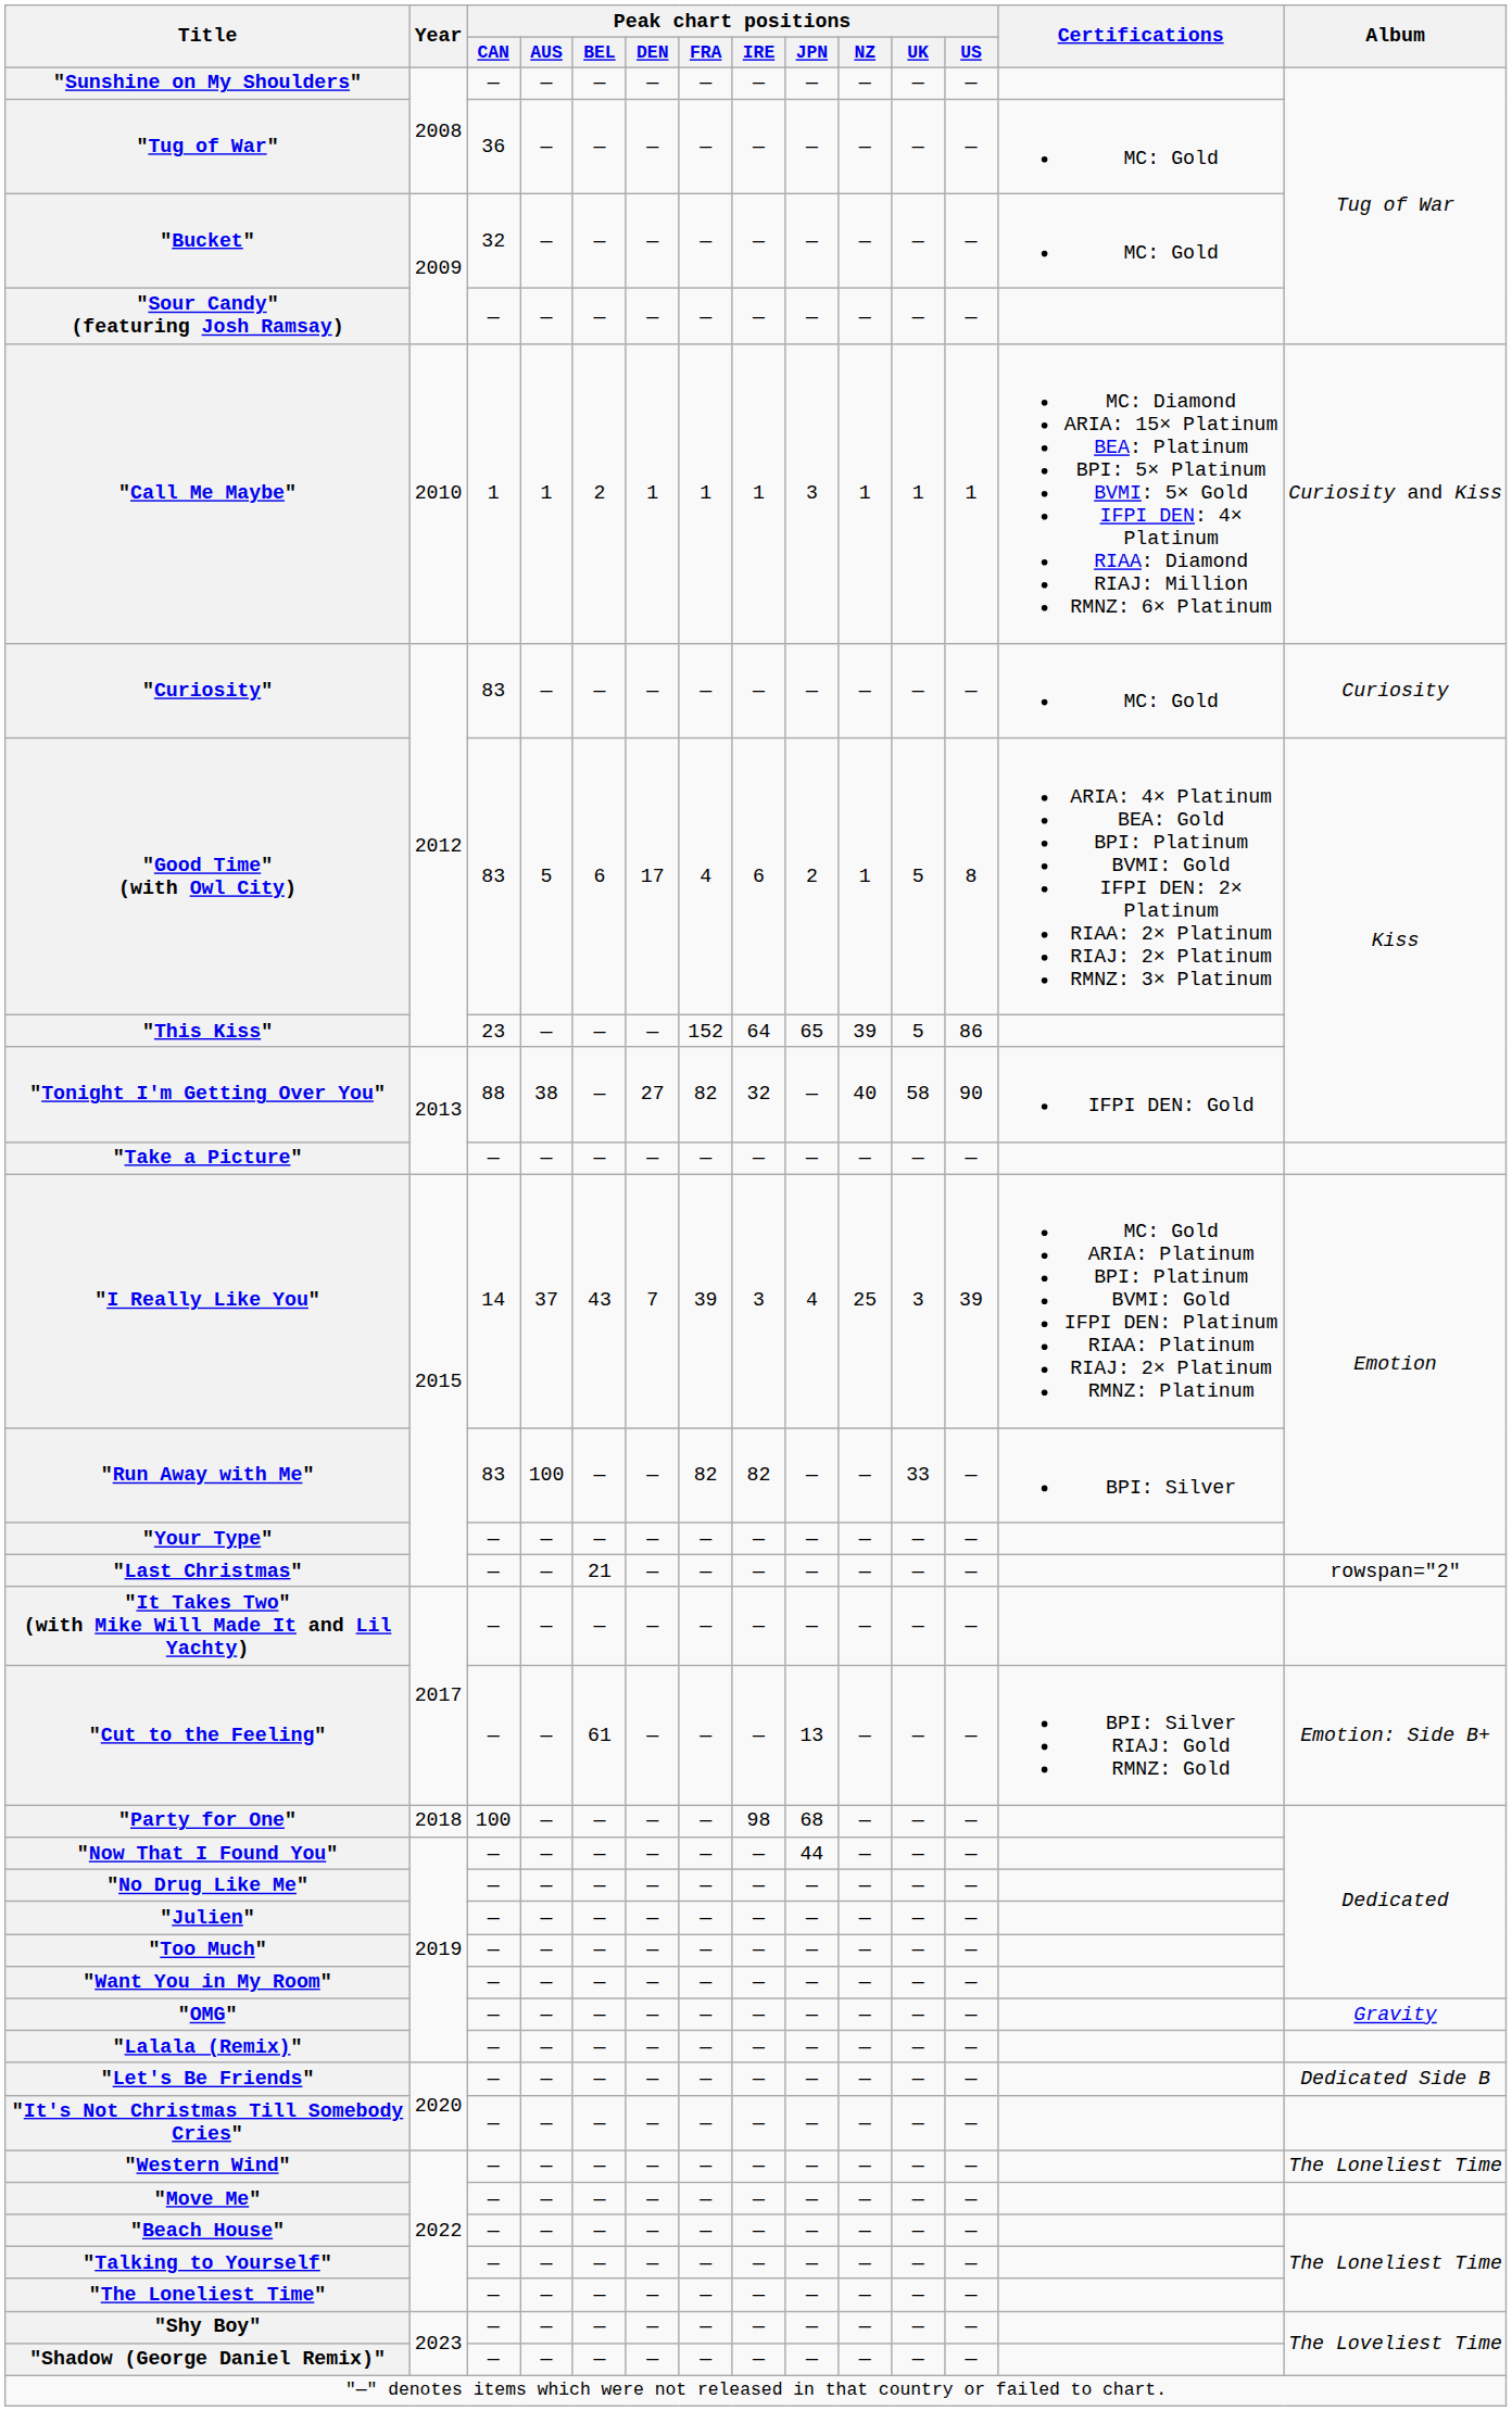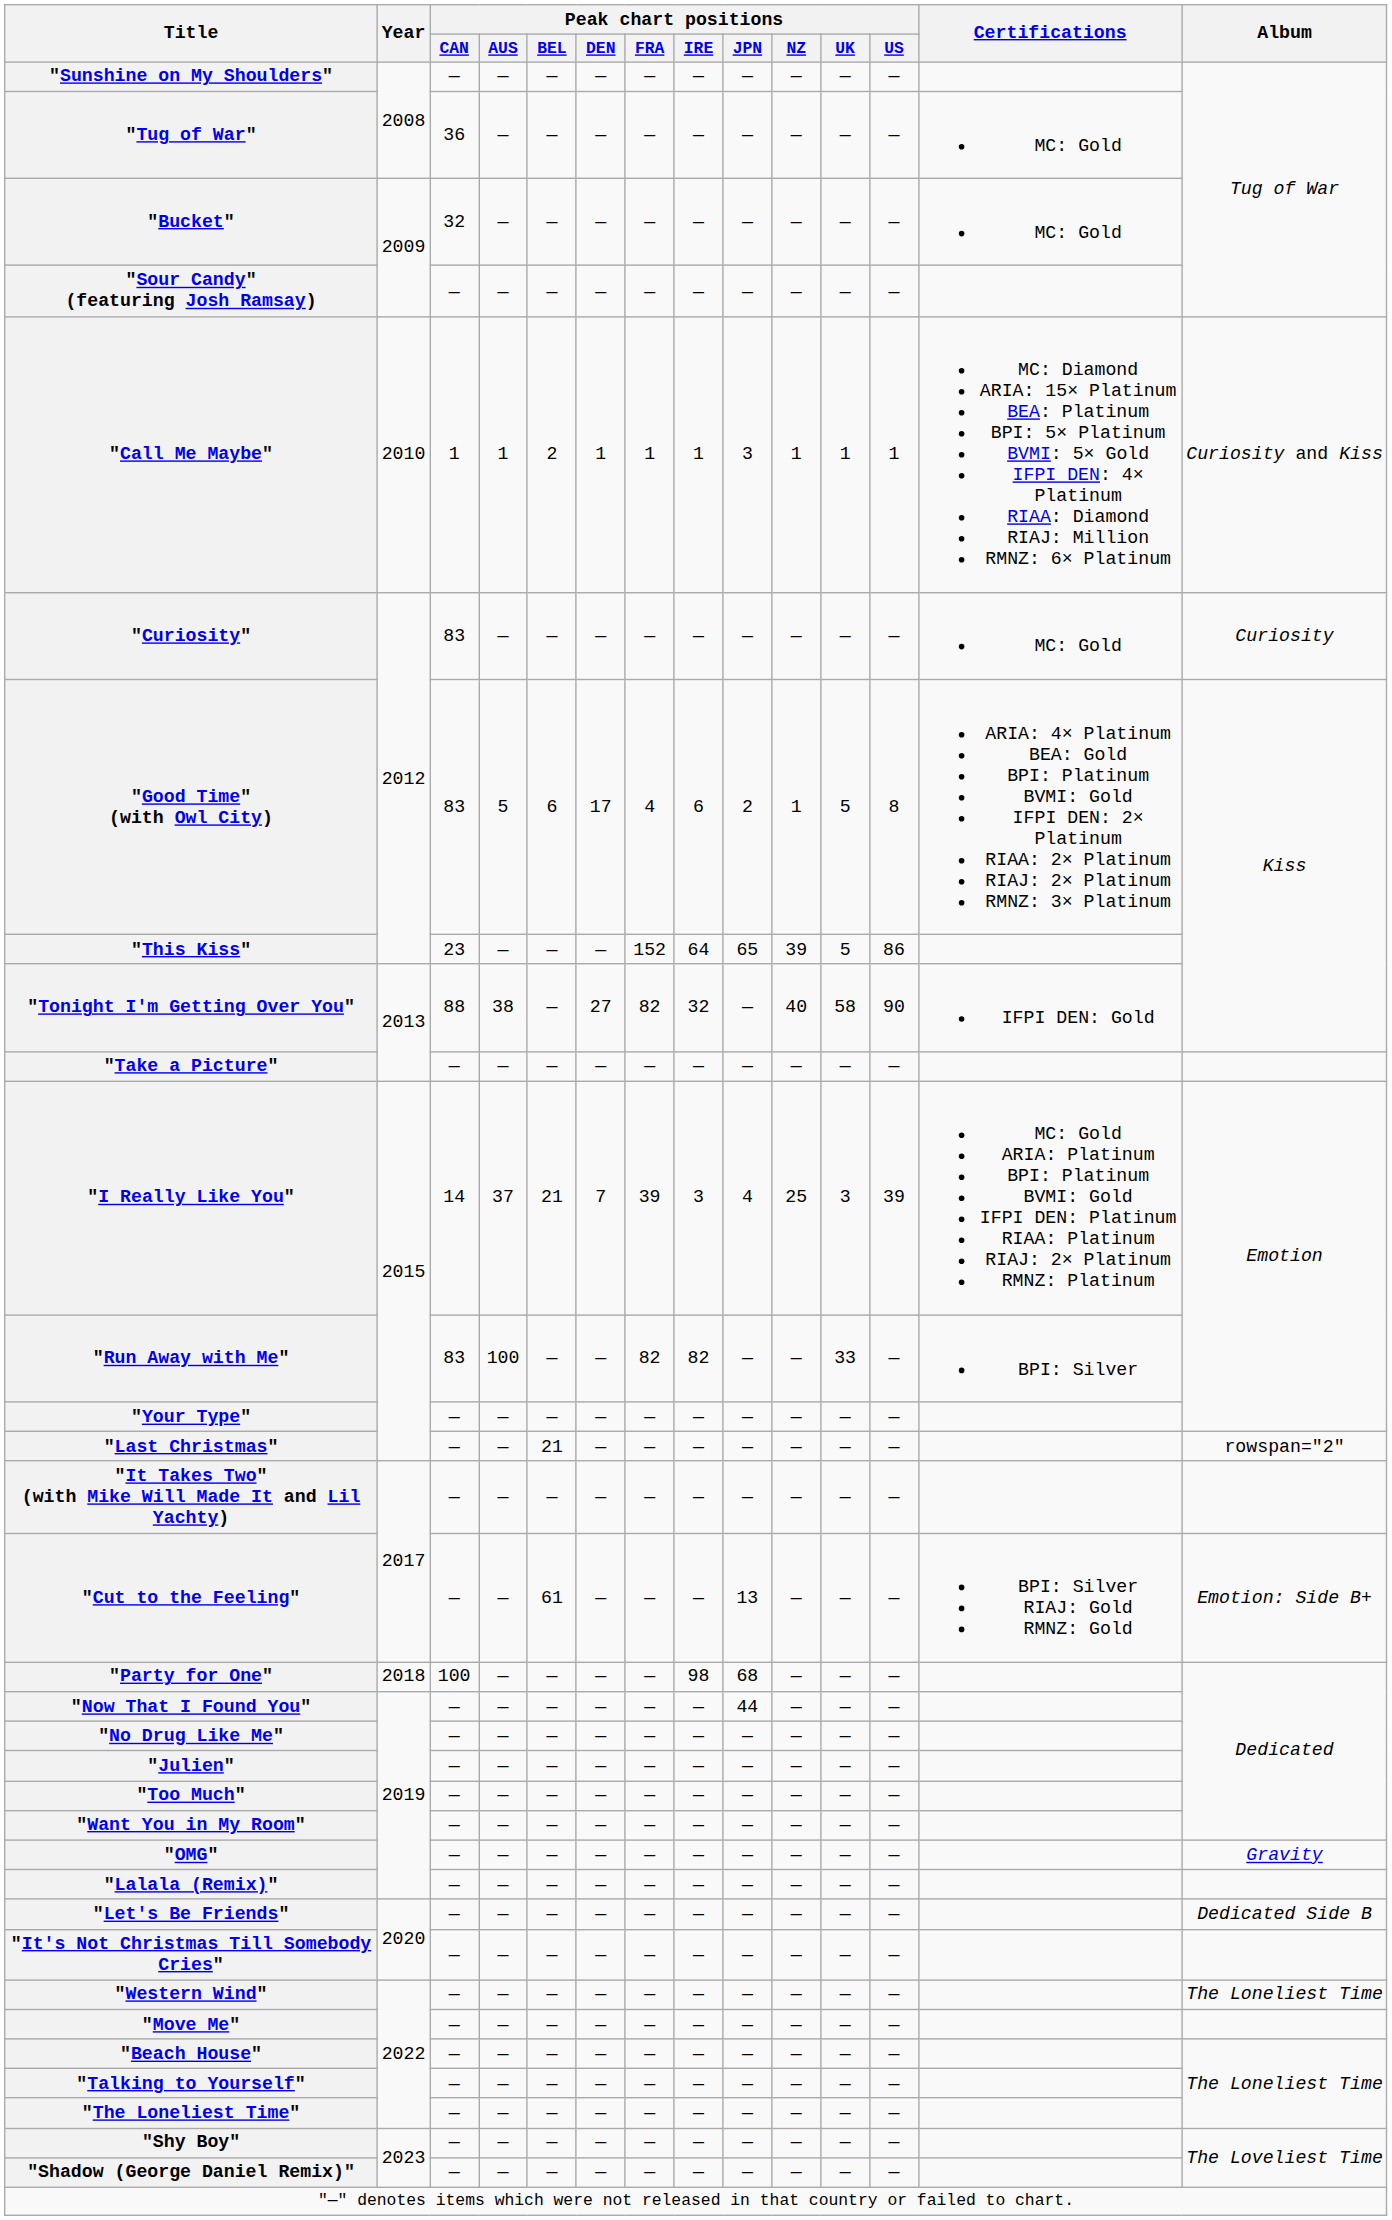 <table class="wikitable plainrowheaders" style="text-align:center;">
 <tr>
 <th scope="col" rowspan="2" style="width:20em;">Title</th>
 <th scope="col" rowspan="2">Year</th>
 <th scope="col" colspan="10">Peak chart positions</th>
 <th scope="col" rowspan="2" style="width:14em;"><a href='#'>Certifications</a></th>
 <th scope="col" rowspan="2">Album</th>
 </tr>
 <tr>
 <th scope="col" style="width:2.5em; font-size:90%;"><a href='#'>CAN</a><br></th>
 <th scope="col" style="width:2.5em;font-size:90%;"><a href='#'>AUS</a><br></th>
 <th scope="col" style="width:2.5em;font-size:90%;"><a href='#'>BEL</a><br></th>
 <th scope="col" style="width:2.5em;font-size:90%;"><a href='#'>DEN</a><br></th>
 <th scope="col" style="width:2.5em;font-size:90%;"><a href='#'>FRA</a><br></th>
 <th scope="col" style="width:2.5em;font-size:90%;"><a href='#'>IRE</a><br></th>
 <th scope="col" style="width:2.5em;font-size:90%;"><a href='#'>JPN</a><br></th>
 <th scope="col" style="width:2.5em;font-size:90%;"><a href='#'>NZ</a><br></th>
 <th scope="col" style="width:2.5em;font-size:90%;"><a href='#'>UK</a><br></th>
 <th scope="col" style="width:2.5em;font-size:90%;"><a href='#'>US</a><br></th>
 </tr>
 <tr>
 <th scope="row">"<a href='#'>Sunshine on My Shoulders</a>"</th>
 <td rowspan="2">2008</td>
 <td>—</td>
 <td>—</td>
 <td>—</td>
 <td>—</td>
 <td>—</td>
 <td>—</td>
 <td>—</td>
 <td>—</td>
 <td>—</td>
 <td>—</td>
 <td></td>
 <td rowspan="4"><em>Tug of War</em></td>
 </tr>
 <tr>
 <th scope="row">"<a href='#'>Tug of War</a>"</th>
 <td>36</td>
 <td>—</td>
 <td>—</td>
 <td>—</td>
 <td>—</td>
 <td>—</td>
 <td>—</td>
 <td>—</td>
 <td>—</td>
 <td>—</td>
 <td><br><ul><li>MC: Gold</li></ul></td>
 </tr>
 <tr>
 <th scope="row">"<a href='#'>Bucket</a>"</th>
 <td rowspan="2">2009</td>
 <td>32</td>
 <td>—</td>
 <td>—</td>
 <td>—</td>
 <td>—</td>
 <td>—</td>
 <td>—</td>
 <td>—</td>
 <td>—</td>
 <td>—</td>
 <td><br><ul><li>MC: Gold</li></ul></td>
 </tr>
 <tr>
 <th scope="row">"<a href='#'>Sour Candy</a>"<br><span>(featuring <a href='#'>Josh Ramsay</a>)</span></th>
 <td>—</td>
 <td>—</td>
 <td>—</td>
 <td>—</td>
 <td>—</td>
 <td>—</td>
 <td>—</td>
 <td>—</td>
 <td>—</td>
 <td>—</td>
 <td></td>
 </tr>
 <tr>
 <th scope="row">"<a href='#'>Call Me Maybe</a>"</th>
 <td>2010</td>
 <td>1</td>
 <td>1</td>
 <td>2</td>
 <td>1</td>
 <td>1</td>
 <td>1</td>
 <td>3</td>
 <td>1</td>
 <td>1</td>
 <td>1</td>
 <td><br><ul><li>MC: Diamond</li><li>ARIA: 15× Platinum</li><li><a href='#'>BEA</a>: Platinum</li><li>BPI: 5× Platinum</li><li><a href='#'>BVMI</a>: 5× Gold</li><li><a href='#'>IFPI DEN</a>: 4× Platinum</li><li><a href='#'>RIAA</a>: Diamond</li><li>RIAJ: Million</li><li>RMNZ: 6× Platinum</li></ul></td>
 <td><em>Curiosity</em> and <em>Kiss</em></td>
 </tr>
 <tr>
 <th scope="row">"<a href='#'>Curiosity</a>"</th>
 <td rowspan="3">2012</td>
 <td>83</td>
 <td>—</td>
 <td>—</td>
 <td>—</td>
 <td>—</td>
 <td>—</td>
 <td>—</td>
 <td>—</td>
 <td>—</td>
 <td>—</td>
 <td><br><ul><li>MC: Gold</li></ul></td>
 <td><em>Curiosity</em></td>
 </tr>
 <tr>
 <th scope="row">"<a href='#'>Good Time</a>"<br><span>(with <a href='#'>Owl City</a>)</span></th>
 <td>83</td>
 <td>5</td>
 <td>6</td>
 <td>17</td>
 <td>4</td>
 <td>6</td>
 <td>2</td>
 <td>1</td>
 <td>5</td>
 <td>8</td>
 <td><br><ul><li>ARIA: 4× Platinum</li><li>BEA: Gold</li><li>BPI: Platinum</li><li>BVMI: Gold</li><li>IFPI DEN: 2× Platinum</li><li>RIAA: 2× Platinum</li><li>RIAJ: 2× Platinum</li><li>RMNZ: 3× Platinum</li></ul></td>
 <td rowspan="3"><em>Kiss</em></td>
 </tr>
 <tr>
 <th scope="row">"<a href='#'>This Kiss</a>"</th>
 <td>23</td>
 <td>—</td>
 <td>—</td>
 <td>—</td>
 <td>152</td>
 <td>64</td>
 <td>65</td>
 <td>39</td>
 <td>5</td>
 <td>86</td>
 <td></td>
 </tr>
 <tr>
 <th scope="row">"<a href='#'>Tonight I'm Getting Over You</a>"<br></th>
 <td rowspan="2">2013</td>
 <td>88</td>
 <td>38</td>
 <td>—</td>
 <td>27</td>
 <td>82</td>
 <td>32</td>
 <td>—</td>
 <td>40</td>
 <td>58</td>
 <td>90</td>
 <td><br><ul><li>IFPI DEN: Gold</li></ul></td>
 </tr>
 <tr>
 <th scope="row">"<a href='#'>Take a Picture</a>"</th>
 <td>—</td>
 <td>—</td>
 <td>—</td>
 <td>—</td>
 <td>—</td>
 <td>—</td>
 <td>—</td>
 <td>—</td>
 <td>—</td>
 <td>—</td>
 <td></td>
 <td></td>
 </tr>
 <tr>
 <th scope="row">"<a href='#'>I Really Like You</a>"</th>
 <td rowspan="4">2015</td>
 <td>14</td>
 <td>37</td>
-<td>43</td>
+<td>21</td>
 <td>7</td>
 <td>39</td>
 <td>3</td>
 <td>4</td>
 <td>25</td>
 <td>3</td>
 <td>39</td>
 <td><br><ul><li>MC: Gold</li><li>ARIA: Platinum</li><li>BPI: Platinum</li><li>BVMI: Gold</li><li>IFPI DEN: Platinum</li><li>RIAA: Platinum</li><li>RIAJ: 2× Platinum</li><li>RMNZ: Platinum</li></ul></td>
 <td rowspan="3"><em>Emotion</em></td>
 </tr>
 <tr>
 <th scope="row">"<a href='#'>Run Away with Me</a>"</th>
 <td>83</td>
 <td>100</td>
 <td>—</td>
 <td>—</td>
 <td>82</td>
 <td>82</td>
 <td>—</td>
 <td>—</td>
 <td>33</td>
 <td>—</td>
 <td><br><ul><li>BPI: Silver</li></ul></td>
 </tr>
 <tr>
 <th scope="row">"<a href='#'>Your Type</a>"</th>
 <td>—</td>
 <td>—</td>
 <td>—</td>
 <td>—</td>
 <td>—</td>
 <td>—</td>
 <td>—</td>
 <td>—</td>
 <td>—</td>
 <td>—</td>
 <td></td>
 </tr>
 <tr>
 <th scope="row">"<a href='#'>Last Christmas</a>"</th>
 <td>—</td>
 <td>—</td>
 <td>21</td>
 <td>—</td>
 <td>—</td>
 <td>—</td>
 <td>—</td>
 <td>—</td>
 <td>—</td>
 <td>—</td>
 <td></td>
 <td>rowspan="2" </td>
 </tr>
 <tr>
 <th scope="row">"<a href='#'>It Takes Two</a>"<br><span>(with <a href='#'>Mike Will Made It</a> and <a href='#'>Lil Yachty</a>)</span></th>
 <td rowspan="2">2017</td>
 <td>—</td>
 <td>—</td>
 <td>—</td>
 <td>—</td>
 <td>—</td>
 <td>—</td>
 <td>—</td>
 <td>—</td>
 <td>—</td>
 <td>—</td>
 <td></td>
 </tr>
 <tr>
 <th scope="row">"<a href='#'>Cut to the Feeling</a>"</th>
 <td>—</td>
 <td>—</td>
 <td>61</td>
 <td>—</td>
 <td>—</td>
 <td>—</td>
 <td>13</td>
 <td>—</td>
 <td>—</td>
 <td>—</td>
 <td><br><ul><li>BPI: Silver</li><li>RIAJ: Gold</li><li>RMNZ: Gold</li></ul></td>
 <td><em>Emotion: Side B+</em></td>
 </tr>
 <tr>
 <th scope="row">"<a href='#'>Party for One</a>"</th>
 <td>2018</td>
 <td>100</td>
 <td>—</td>
 <td>—</td>
 <td>—</td>
 <td>—</td>
 <td>98</td>
 <td>68</td>
 <td>—</td>
 <td>—</td>
 <td>—</td>
 <td></td>
 <td rowspan="6"><em>Dedicated</em></td>
 </tr>
 <tr>
 <th scope="row">"<a href='#'>Now That I Found You</a>"</th>
 <td rowspan="7">2019</td>
 <td>—</td>
 <td>—</td>
 <td>—</td>
 <td>—</td>
 <td>—</td>
 <td>—</td>
 <td>44</td>
 <td>—</td>
 <td>—</td>
 <td>—</td>
 <td></td>
 </tr>
 <tr>
 <th scope="row">"<a href='#'>No Drug Like Me</a>"</th>
 <td>—</td>
 <td>—</td>
 <td>—</td>
 <td>—</td>
 <td>—</td>
 <td>—</td>
 <td>—</td>
 <td>—</td>
 <td>—</td>
 <td>—</td>
 <td></td>
 </tr>
 <tr>
 <th scope="row">"<a href='#'>Julien</a>"</th>
 <td>—</td>
 <td>—</td>
 <td>—</td>
 <td>—</td>
 <td>—</td>
 <td>—</td>
 <td>—</td>
 <td>—</td>
 <td>—</td>
 <td>—</td>
 <td></td>
 </tr>
 <tr>
 <th scope="row">"<a href='#'>Too Much</a>"</th>
 <td>—</td>
 <td>—</td>
 <td>—</td>
 <td>—</td>
 <td>—</td>
 <td>—</td>
 <td>—</td>
 <td>—</td>
 <td>—</td>
 <td>—</td>
 <td></td>
 </tr>
 <tr>
 <th scope="row">"<a href='#'>Want You in My Room</a>"</th>
 <td>—</td>
 <td>—</td>
 <td>—</td>
 <td>—</td>
 <td>—</td>
 <td>—</td>
 <td>—</td>
 <td>—</td>
 <td>—</td>
 <td>—</td>
 <td></td>
 </tr>
 <tr>
 <th scope="row">"<a href='#'>OMG</a>"<br></th>
 <td>—</td>
 <td>—</td>
 <td>—</td>
 <td>—</td>
 <td>—</td>
 <td>—</td>
 <td>—</td>
 <td>—</td>
 <td>—</td>
 <td>—</td>
 <td></td>
 <td><em><a href='#'>Gravity</a></em></td>
 </tr>
 <tr>
 <th scope="row">"<a href='#'>Lalala (Remix)</a>"<br></th>
 <td>—</td>
 <td>—</td>
 <td>—</td>
 <td>—</td>
 <td>—</td>
 <td>—</td>
 <td>—</td>
 <td>—</td>
 <td>—</td>
 <td>—</td>
 <td></td>
 <td></td>
 </tr>
 <tr>
 <th scope="row">"<a href='#'>Let's Be Friends</a>"</th>
 <td rowspan="2">2020</td>
 <td>—</td>
 <td>—</td>
 <td>—</td>
 <td>—</td>
 <td>—</td>
 <td>—</td>
 <td>—</td>
 <td>—</td>
 <td>—</td>
 <td>—</td>
 <td></td>
 <td><em>Dedicated Side B</em></td>
 </tr>
 <tr>
 <th scope="row">"<a href='#'>It's Not Christmas Till Somebody Cries</a>"</th>
 <td>—</td>
 <td>—</td>
 <td>—</td>
 <td>—</td>
 <td>—</td>
 <td>—</td>
 <td>—</td>
 <td>—</td>
 <td>—</td>
 <td>—</td>
 <td></td>
 <td></td>
 </tr>
 <tr>
 <th scope="row">"<a href='#'>Western Wind</a>"</th>
 <td rowspan="5">2022</td>
 <td>—</td>
 <td>—</td>
 <td>—</td>
 <td>—</td>
 <td>—</td>
 <td>—</td>
 <td>—</td>
 <td>—</td>
 <td>—</td>
 <td>—</td>
 <td></td>
 <td><em>The Loneliest Time</em></td>
 </tr>
 <tr>
 <th scope="row">"<a href='#'>Move Me</a>"<br></th>
 <td>—</td>
 <td>—</td>
 <td>—</td>
 <td>—</td>
 <td>—</td>
 <td>—</td>
 <td>—</td>
 <td>—</td>
 <td>—</td>
 <td>—</td>
 <td></td>
 <td></td>
 </tr>
 <tr>
 <th scope="row">"<a href='#'>Beach House</a>"</th>
 <td>—</td>
 <td>—</td>
 <td>—</td>
 <td>—</td>
 <td>—</td>
 <td>—</td>
 <td>—</td>
 <td>—</td>
 <td>—</td>
 <td>—</td>
 <td></td>
 <td rowspan="3"><em>The Loneliest Time</em></td>
 </tr>
 <tr>
 <th scope="row">"<a href='#'>Talking to Yourself</a>"</th>
 <td>—</td>
 <td>—</td>
 <td>—</td>
 <td>—</td>
 <td>—</td>
 <td>—</td>
 <td>—</td>
 <td>—</td>
 <td>—</td>
 <td>—</td>
 <td></td>
 </tr>
 <tr>
 <th scope="row">"<a href='#'>The Loneliest Time</a>"<br></th>
 <td>—</td>
 <td>—</td>
 <td>—</td>
 <td>—</td>
 <td>—</td>
 <td>—</td>
 <td>—</td>
 <td>—</td>
 <td>—</td>
 <td>—</td>
 <td></td>
 </tr>
 <tr>
 <th scope="row">"Shy Boy"</th>
 <td rowspan="2">2023</td>
 <td>—</td>
 <td>—</td>
 <td>—</td>
 <td>—</td>
 <td>—</td>
 <td>—</td>
 <td>—</td>
 <td>—</td>
 <td>—</td>
 <td>—</td>
 <td></td>
 <td rowspan="2"><em>The Loveliest Time</em></td>
 </tr>
 <tr>
 <th scope="row">"Shadow (George Daniel Remix)"</th>
 <td>—</td>
 <td>—</td>
 <td>—</td>
 <td>—</td>
 <td>—</td>
 <td>—</td>
 <td>—</td>
 <td>—</td>
 <td>—</td>
 <td>—</td>
 <td></td>
 </tr>
 <tr>
 <td colspan="15" style="font-size:90%;">"—" denotes items which were not released in that country or failed to chart.</td>
 </tr>
 </table>
